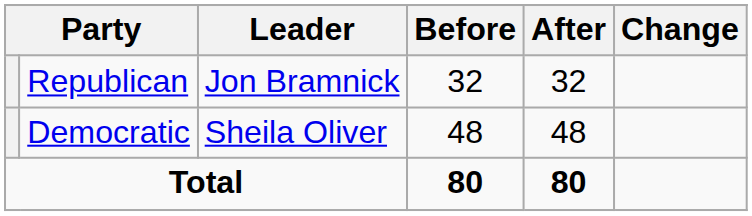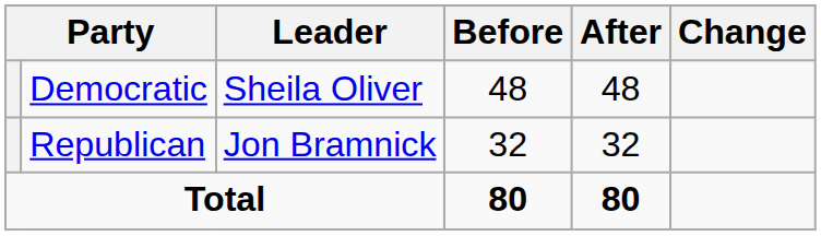 <table class="wikitable" style="text-align:center;">
 <tr>
 </tr>
 <tr>
 <th colspan=2>Party</th>
 <th>Leader</th>
 <th>Before</th>
 <th>After</th>
 <th>Change</th>
 </tr>
 <tr>
 <th style="background-color:"></th>
+<td style="text-align:left;"><a href='#'>Democratic</a></td>
+<td style="text-align:left;"><a href='#'>Sheila Oliver</a></td>
+<td>48</td>
+<td>48</td>
+<td></td>
+</tr>
+<tr>
+<th style="background-color:"></th>
 <td style="text-align:left;"><a href='#'>Republican</a></td>
 <td style="text-align:left;"><a href='#'>Jon Bramnick</a></td>
 <td>32</td>
 <td>32</td>
-<td></td>
-</tr>
-<tr>
-<th style="background-color:"></th>
-<td style="text-align:left;"><a href='#'>Democratic</a></td>
-<td style="text-align:left;"><a href='#'>Sheila Oliver</a></td>
-<td>48</td>
-<td>48</td>
 <td></td>
 </tr>
 <tr>
 <td colspan=3><strong>Total</strong></td>
 <td><strong>80</strong></td>
 <td><strong>80</strong></td>
 </tr>
 </table>
